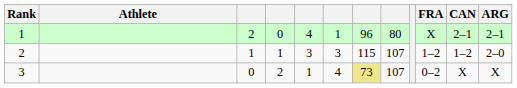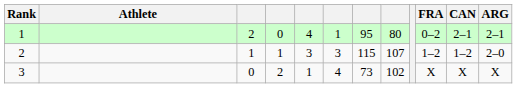 <table class="wikitable" style="text-align:center">
 <tr>
 <th>Rank</th>
 <th width=250>Athlete</th>
 <th width=30></th>
 <th width=30></th>
 <th width=30></th>
 <th width=30></th>
 <th width=30></th>
 <th width=30></th>
 <th rowspan=4></th>
 <th width=30>FRA</th>
 <th width=30>CAN</th>
 <th width=30>ARG</th>
 </tr>
 <tr style="background-color:#ccffcc;">
 <td>1</td>
 <td align=left></td>
 <td>2</td>
 <td>0</td>
 <td>4</td>
 <td>1</td>
-<td>96</td>
+<td>95</td>
 <td>80</td>
-<td>X</td>
+<td>0–2</td>
 <td>2–1</td>
 <td>2–1</td>
 </tr>
 <tr>
 <td>2</td>
 <td align=left></td>
 <td>1</td>
 <td>1</td>
 <td>3</td>
 <td>3</td>
 <td>115</td>
 <td>107</td>
 <td>1–2</td>
 <td>1–2</td>
 <td>2–0</td>
 </tr>
 <tr>
 <td>3</td>
 <td align=left></td>
 <td>0</td>
 <td>2</td>
 <td>1</td>
 <td>4</td>
-<td style="background: khaki;">73</td>
-<td>107</td>
-<td>0–2</td>
+<td>73</td>
+<td>102</td>
+<td>X</td>
 <td>X</td>
 <td>X</td>
 </tr>
 </table>
